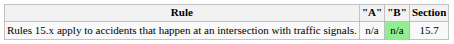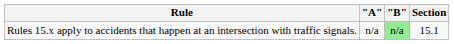 <table class="wikitable">
 <tr>
 <th style="text-align: center; font-weight: bold;">Rule</th>
 <th style="text-align: center;">"A"</th>
 <th style="text-align: center;">"B"</th>
 <th style="text-align: center; font-weight: bold;">Section</th>
 </tr>
 <tr>
 <td style="text-align: center;">Rules 15.x apply to accidents that happen at an intersection with traffic signals.</td>
 <td style="text-align: center;">n/a</td>
 <td style="background: lightgreen; text-align: center;">n/a</td>
-<td style="text-align: center;">15.7</td>
+<td style="text-align: center;">15.1</td>
 </tr>
 </table>
